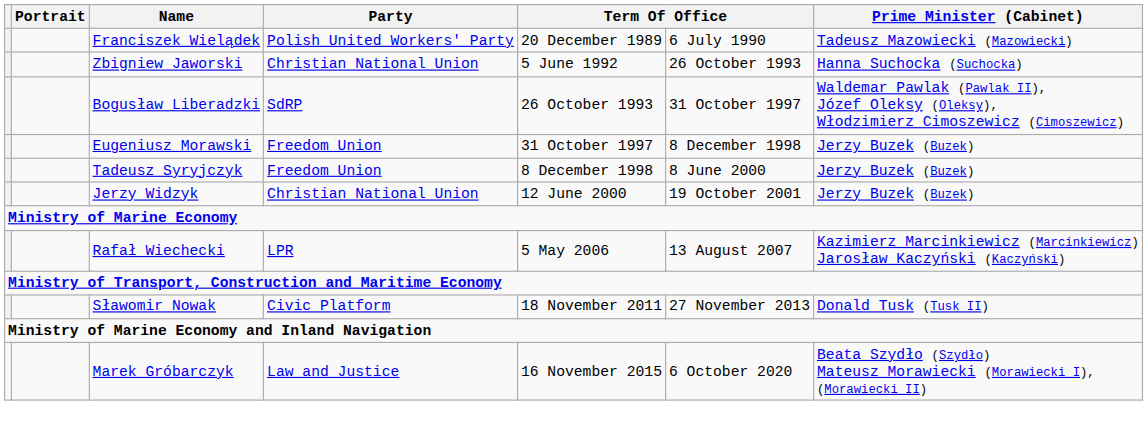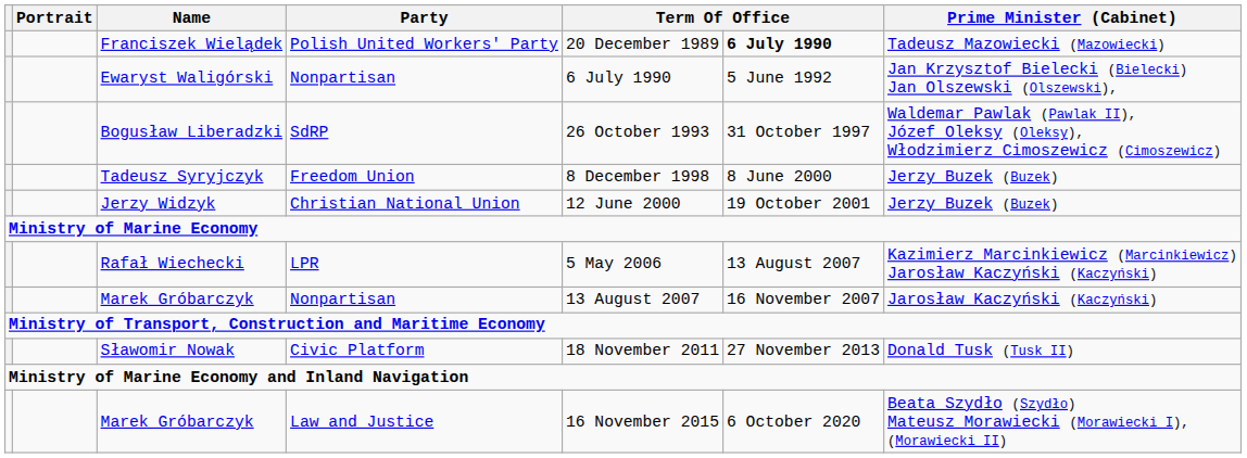 <table class="wikitable">
 <tr>
 <th></th>
 <th>Portrait</th>
 <th>Name</th>
 <th>Party</th>
 <th colspan="2">Term Of Office</th>
 <th><a href='#'>Prime Minister</a> (Cabinet)</th>
 </tr>
 <tr>
 <th style="background:"></th>
 <td></td>
 <td><a href='#'>Franciszek Wielądek</a></td>
 <td><a href='#'>Polish United Workers' Party</a></td>
 <td>20 December 1989</td>
-<td>6 July 1990</td>
+<td><strong>6 July 1990</strong></td>
 <td><a href='#'>Tadeusz Mazowiecki</a> <small>(<a href='#'>Mazowiecki</a>)</small><br></td>
 </tr>
 <tr>
 <th style="background:"></th>
 <td></td>
-<td><a href='#'>Zbigniew Jaworski</a></td>
-<td><a href='#'>Christian National Union</a></td>
+<td><a href='#'>Ewaryst Waligórski</a></td>
+<td><a href='#'>Nonpartisan</a></td>
+<td>6 July 1990</td>
 <td>5 June 1992</td>
-<td>26 October 1993</td>
-<td><a href='#'>Hanna Suchocka</a> <small>(<a href='#'>Suchocka</a>)</small></td>
+<td><a href='#'>Jan Krzysztof Bielecki</a> <small>(<a href='#'>Bielecki</a>)</small><br><a href='#'>Jan Olszewski</a> <small>(<a href='#'>Olszewski</a>),</small></td>
 </tr>
 <tr>
 <th style="background:"></th>
 <td></td>
 <td><a href='#'>Bogusław Liberadzki</a></td>
 <td><a href='#'>SdRP</a></td>
 <td>26 October 1993</td>
 <td>31 October 1997</td>
 <td><a href='#'>Waldemar Pawlak</a> <small>(<a href='#'>Pawlak II</a>),</small><br><a href='#'>Józef Oleksy</a> <small>(<a href='#'>Oleksy</a>),</small><br><a href='#'>Włodzimierz Cimoszewicz</a> <small>(<a href='#'>Cimoszewicz</a>)</small></td>
-</tr>
-<tr>
-<th style="background:"></th>
-<td></td>
-<td><a href='#'>Eugeniusz Morawski</a></td>
-<td><a href='#'>Freedom Union</a></td>
-<td>31 October 1997</td>
-<td>8 December 1998</td>
-<td><a href='#'>Jerzy Buzek</a> <small>(<a href='#'>Buzek</a>)</small></td>
 </tr>
 <tr>
 <th style="background:"></th>
 <td></td>
 <td><a href='#'>Tadeusz Syryjczyk</a></td>
 <td><a href='#'>Freedom Union</a></td>
 <td>8 December 1998</td>
 <td>8 June 2000</td>
 <td><a href='#'>Jerzy Buzek</a> <small>(<a href='#'>Buzek</a>)</small></td>
 </tr>
 <tr>
 <th style="background:"></th>
 <td></td>
 <td><a href='#'>Jerzy Widzyk</a></td>
 <td><a href='#'>Christian National Union</a></td>
 <td>12 June 2000</td>
 <td>19 October 2001</td>
 <td><a href='#'>Jerzy Buzek</a> <small>(<a href='#'>Buzek</a>)</small></td>
 </tr>
 <tr>
 <td colspan="7"><a href='#'><strong>Ministry of Marine Economy</strong></a></td>
 </tr>
 <tr>
 <th style="background:"></th>
 <td></td>
 <td><a href='#'>Rafał Wiechecki</a></td>
 <td><a href='#'>LPR</a></td>
 <td>5 May 2006</td>
 <td>13 August 2007</td>
 <td><a href='#'>Kazimierz Marcinkiewicz</a> <small>(<a href='#'>Marcinkiewicz</a>)</small><br><a href='#'>Jarosław Kaczyński</a> <small>(<a href='#'>Kaczyński</a>)</small></td>
 </tr>
 <tr>
+<th style="background:"></th>
+<td></td>
+<td><a href='#'>Marek Gróbarczyk</a></td>
+<td><a href='#'>Nonpartisan</a></td>
+<td>13 August 2007</td>
+<td>16 November 2007</td>
+<td><a href='#'>Jarosław Kaczyński</a> <small>(<a href='#'>Kaczyński</a>)</small></td>
+</tr>
+<tr>
 <td colspan="7"><a href='#'><strong>Ministry of Transport, Construction and Maritime Economy</strong></a></td>
 </tr>
 <tr>
 <th style="background:"></th>
 <td></td>
 <td><a href='#'>Sławomir Nowak</a></td>
 <td><a href='#'>Civic Platform</a></td>
 <td>18 November 2011</td>
 <td>27 November 2013</td>
 <td><a href='#'>Donald Tusk</a> <small>(<a href='#'>Tusk II</a>)</small></td>
 </tr>
 <tr>
 <td colspan="7"><strong>Ministry of Marine Economy and Inland Navigation</strong></td>
 </tr>
 <tr>
 <td ! style="background:"></td>
 <td></td>
 <td><a href='#'>Marek Gróbarczyk</a></td>
 <td><a href='#'>Law and Justice</a></td>
 <td>16 November 2015</td>
 <td>6 October 2020</td>
 <td><a href='#'>Beata Szydło</a> <small>(<a href='#'>Szydło</a>)</small><br><a href='#'>Mateusz Morawiecki</a> <small>(<a href='#'>Morawiecki I</a>), <br>(<a href='#'>Morawiecki II</a>)</small></td>
 </tr>
 </table>
